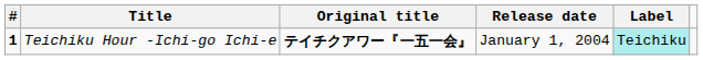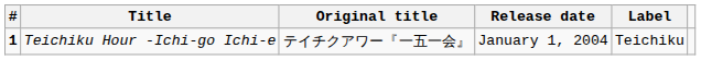 <table class="wikitable sortable">
 <tr>
 <th>#</th>
 <th>Title</th>
 <th>Original title</th>
 <th data-sort-type=>Release date</th>
 <th>Label</th>
 </tr>
 <tr>
 <td><strong>1</strong></td>
 <td><em>Teichiku Hour -Ichi-go Ichi-e</em></td>
-<td><strong>テイチクアワー『一五一会』</strong></td>
+<td>テイチクアワー『一五一会』</td>
 <td>January 1, 2004</td>
-<td style="background: paleturquoise;">Teichiku</td>
+<td>Teichiku</td>
 <td></td>
 </tr>
 </table>
